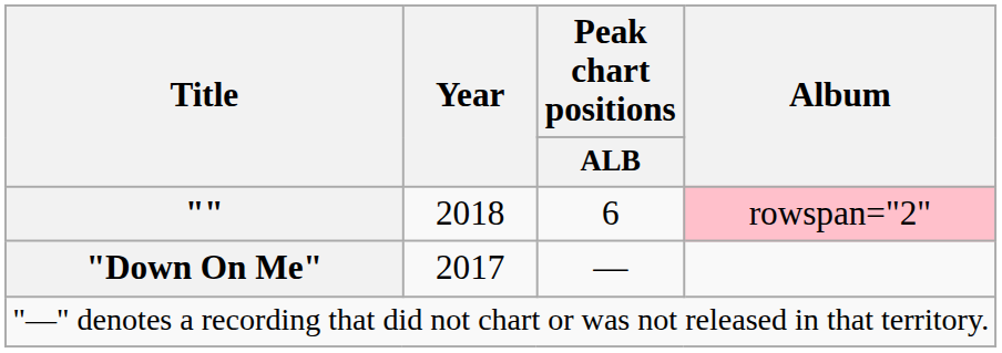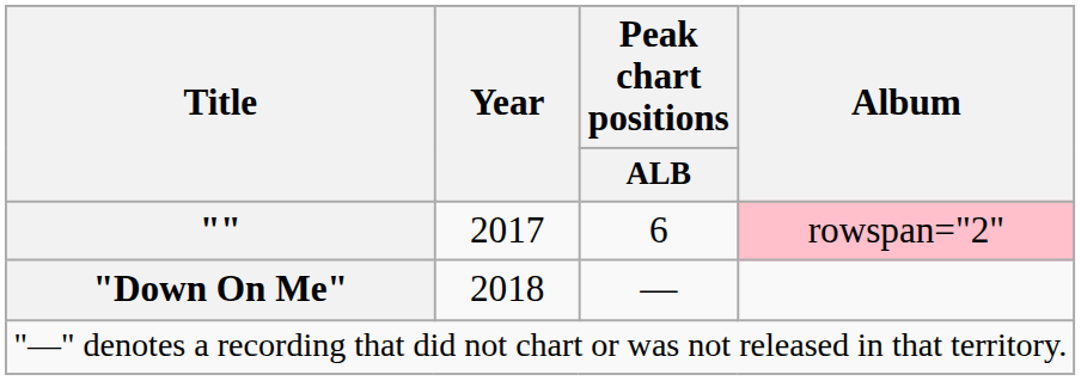 <table class="wikitable plainrowheaders" style="text-align:center;">
 <tr>
 <th scope="col" rowspan="2">Title</th>
 <th scope="col" rowspan="2">Year</th>
 <th scope="col" colspan="1">Peak<br>chart<br>positions</th>
 <th scope="col" rowspan="2">Album</th>
 </tr>
 <tr>
 <th style="width:3em; font-size:85%;">ALB<br></th>
 </tr>
 <tr>
 <th scope="row">""<br></th>
-<td>2018</td>
+<td>2017</td>
 <td>6</td>
 <td style="background: pink;">rowspan="2" </td>
 </tr>
 <tr>
 <th scope="row">"Down On Me"<br></th>
-<td>2017</td>
+<td>2018</td>
 <td>—</td>
 </tr>
 <tr>
 <td colspan="4" style="font-size:90%">"—" denotes a recording that did not chart or was not released in that territory.</td>
 </tr>
 </table>
